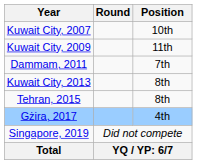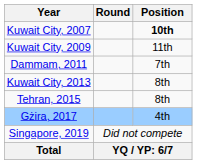 <table class="wikitable" style="text-align: center;">
 <tr>
 <th>Year</th>
 <th>Round</th>
 <th width="80">Position</th>
 </tr>
 <tr>
 <td> <a href='#'>Kuwait City, 2007</a></td>
 <td></td>
-<td>10th</td>
+<td><strong>10th</strong></td>
 </tr>
 <tr>
 <td> <a href='#'>Kuwait City, 2009</a></td>
 <td></td>
 <td>11th</td>
 </tr>
 <tr>
 <td> <a href='#'>Dammam, 2011</a></td>
 <td></td>
 <td>7th</td>
 </tr>
 <tr>
 <td> <a href='#'>Kuwait City, 2013</a></td>
 <td></td>
 <td>8th</td>
 </tr>
 <tr>
 <td> <a href='#'>Tehran, 2015</a></td>
 <td></td>
 <td>8th</td>
 </tr>
 <tr valign="top" bgcolor=9acdff>
 <td> <a href='#'>Gżira, 2017</a></td>
 <td></td>
 <td>4th</td>
 </tr>
 <tr>
 <td> <a href='#'>Singapore, 2019</a></td>
 <td colspan="2"><em>Did not compete</em></td>
 </tr>
 <tr>
 <th>Total</th>
 <th colspan="2">YQ / YP: 6/7</th>
 </tr>
 </table>
